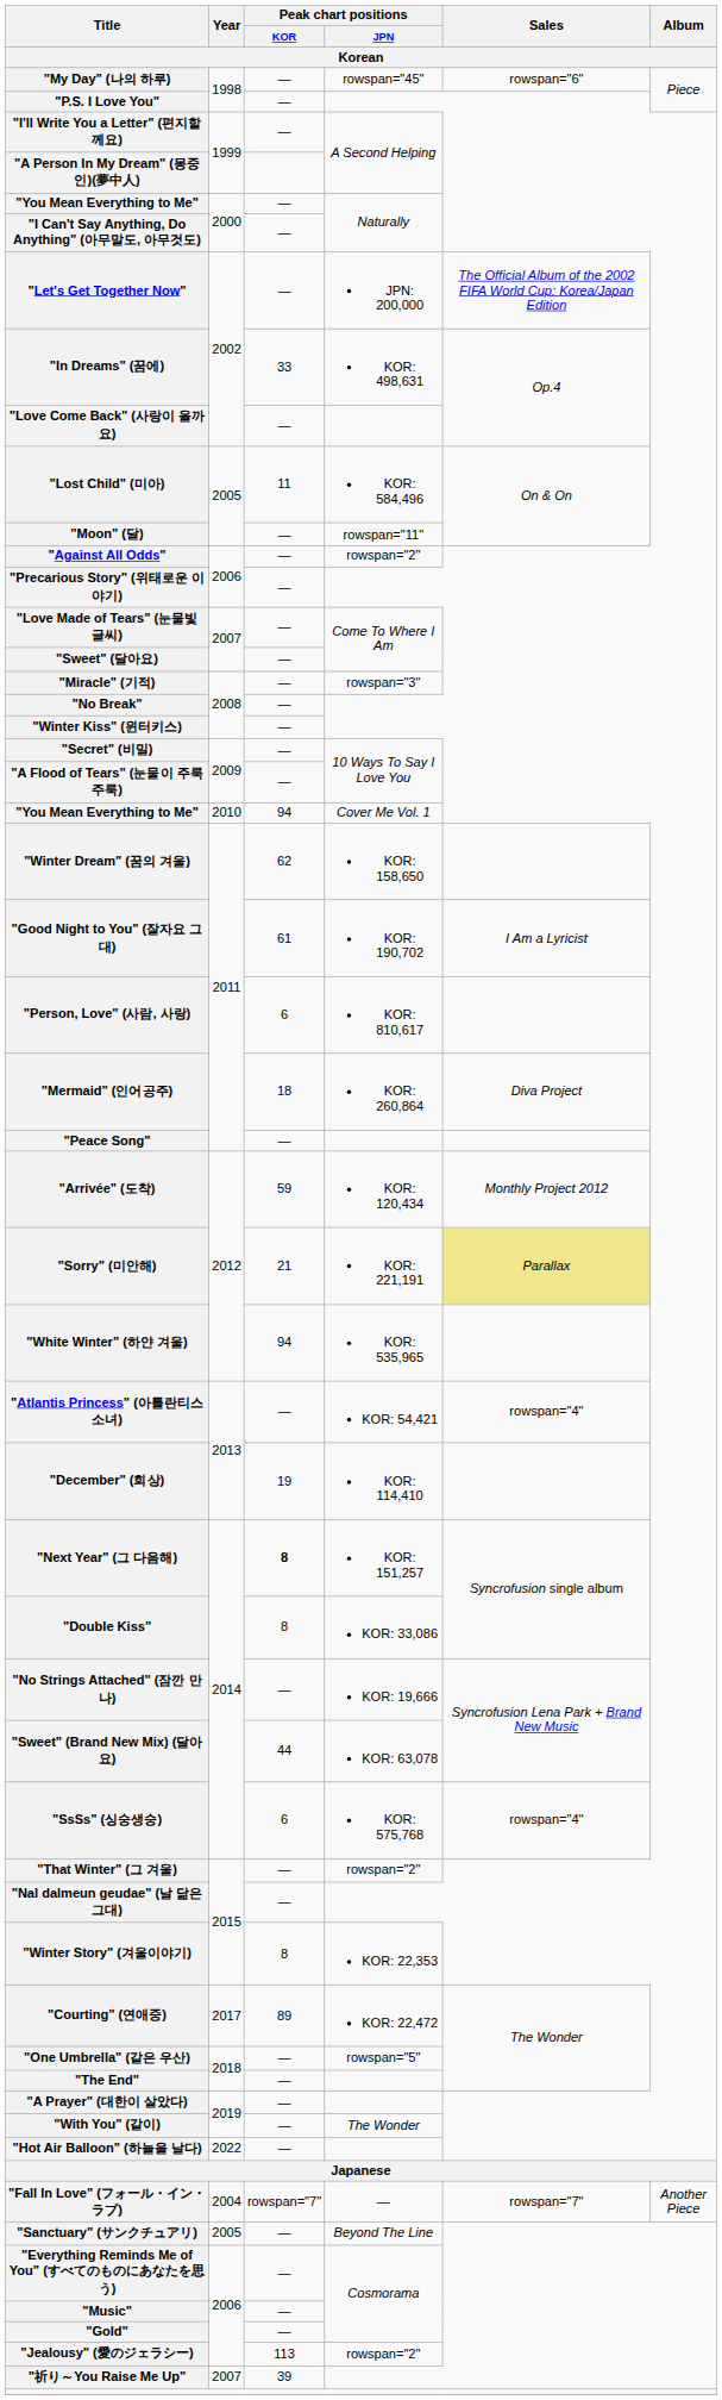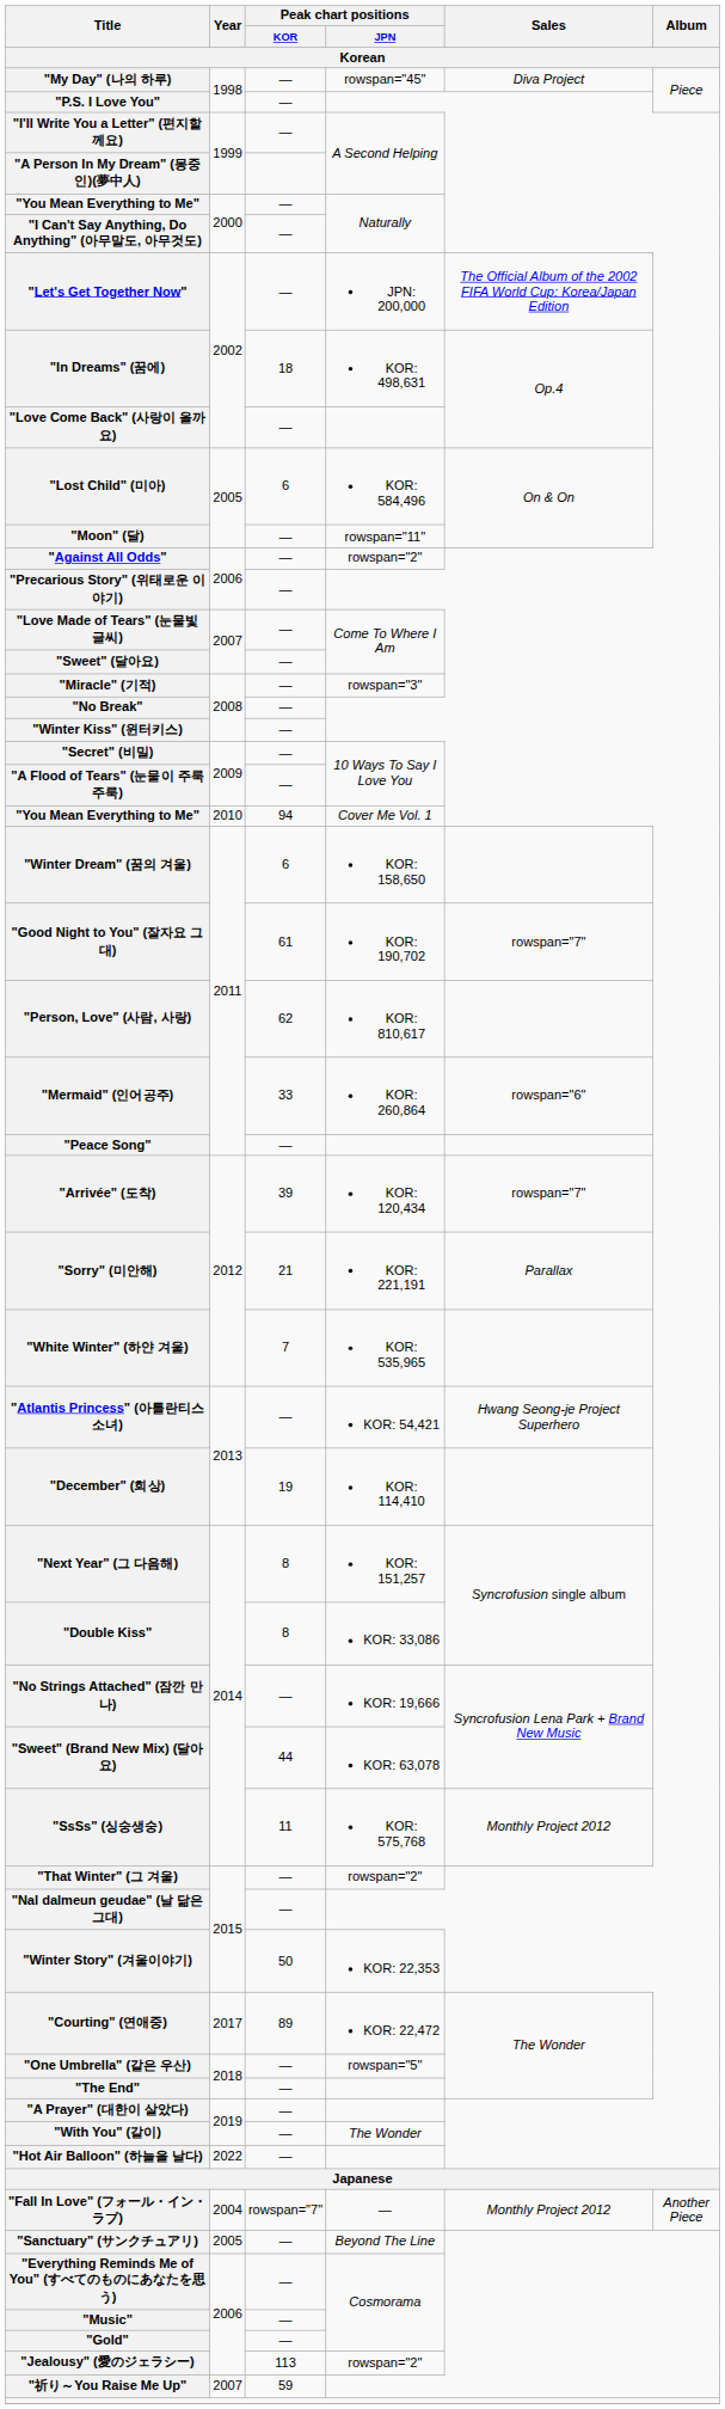 <table class="wikitable plainrowheaders" style="text-align:center;">
 <tr>
 <th scope="col" rowspan="2">Title</th>
 <th scope="col" rowspan="2">Year</th>
 <th colspan="2" scope="col" style="width:5em;">Peak chart positions</th>
 <th scope="col" rowspan="2">Sales </th>
 <th scope="col" rowspan="2">Album</th>
 </tr>
 <tr>
 <th><small><a href='#'>KOR</a></small><br></th>
 <th><small><a href='#'>JPN</a></small><br></th>
 </tr>
 <tr>
 <th colspan="6">Korean</th>
 </tr>
 <tr>
 <th scope="row">"My Day" (나의 하루)</th>
 <td rowspan="2">1998</td>
 <td>—</td>
 <td>rowspan="45" </td>
-<td>rowspan="6" </td>
+<td><em>Diva Project</em></td>
 <td rowspan="2"><em>Piece</em></td>
 </tr>
 <tr>
 <th scope="row">"P.S. I Love You"</th>
 <td>—</td>
 </tr>
 <tr>
 <th scope="row">"I'll Write You a Letter" (편지할께요)</th>
 <td rowspan="2">1999</td>
 <td>—</td>
 <td rowspan="2"><em>A Second Helping</em></td>
 </tr>
 <tr>
 <th scope="row">"A Person In My Dream" (몽중인)(夢中人)</th>
 <td></td>
 </tr>
 <tr>
 <th scope="row">"You Mean Everything to Me"</th>
 <td rowspan="2">2000</td>
 <td>—</td>
 <td rowspan="2"><em>Naturally</em></td>
 </tr>
 <tr>
 <th scope="row">"I Can't Say Anything, Do Anything" (아무말도, 아무것도)</th>
 <td>—</td>
 </tr>
 <tr>
 <th scope="row">"<a href='#'>Let's Get Together Now</a>"<br></th>
 <td rowspan="3">2002</td>
 <td>—</td>
 <td><br><ul><li>JPN: 200,000 </li></ul></td>
 <td><em><a href='#'>The Official Album of the 2002 FIFA World Cup: Korea/Japan Edition</a></em></td>
 </tr>
 <tr>
 <th scope="row">"In Dreams" (꿈에)</th>
-<td>33</td>
+<td>18</td>
 <td><br><ul><li>KOR: 498,631</li></ul></td>
 <td rowspan="2"><em>Op.4</em></td>
 </tr>
 <tr>
 <th scope="row">"Love Come Back" (사랑이 올까요)</th>
 <td>—</td>
 <td></td>
 </tr>
 <tr>
 <th scope="row">"Lost Child" (미아)</th>
 <td rowspan="2">2005</td>
-<td>11</td>
+<td>6</td>
 <td><br><ul><li>KOR: 584,496</li></ul></td>
 <td rowspan="2"><em>On & On</em></td>
 </tr>
 <tr>
 <th scope="row">"Moon" (달)</th>
 <td>—</td>
 <td>rowspan="11" </td>
 </tr>
 <tr>
 <th scope="row">"<a href='#'>Against All Odds</a>"</th>
 <td rowspan="2">2006</td>
 <td>—</td>
 <td>rowspan="2" </td>
 </tr>
 <tr>
 <th scope="row">"Precarious Story" (위태로운 이야기)</th>
 <td>—</td>
 </tr>
 <tr>
 <th scope="row">"Love Made of Tears" (눈물빛 글씨)</th>
 <td rowspan="2">2007</td>
 <td>—</td>
 <td rowspan="2"><em>Come To Where I Am</em></td>
 </tr>
 <tr>
 <th scope="row">"Sweet" (달아요)</th>
 <td>—</td>
 </tr>
 <tr>
 <th scope="row">"Miracle" (기적)<br></th>
 <td rowspan="3">2008</td>
 <td>—</td>
 <td>rowspan="3" </td>
 </tr>
 <tr>
 <th scope="row">"No Break"<br></th>
 <td>—</td>
 </tr>
 <tr>
 <th scope="row">"Winter Kiss" (윈터키스)<br></th>
 <td>—</td>
 </tr>
 <tr>
 <th scope="row">"Secret" (비밀)</th>
 <td rowspan="2">2009</td>
 <td>—</td>
 <td rowspan="2"><em>10 Ways To Say I Love You</em></td>
 </tr>
 <tr>
 <th scope="row">"A Flood of Tears" (눈물이 주룩주룩)</th>
 <td>—</td>
 </tr>
 <tr>
 <th scope="row">"You Mean Everything to Me"</th>
 <td>2010</td>
 <td>94</td>
 <td><em>Cover Me Vol. 1</em></td>
 </tr>
 <tr>
 <th scope="row">"Winter Dream" (꿈의 겨울)<br></th>
 <td rowspan="5">2011</td>
-<td>62</td>
+<td>6</td>
 <td><br><ul><li>KOR: 158,650</li></ul></td>
 <td></td>
 </tr>
 <tr>
 <th scope="row">"Good Night to You" (잘자요 그대)</th>
 <td>61</td>
 <td><br><ul><li>KOR: 190,702</li></ul></td>
-<td><em>I Am a Lyricist</em></td>
+<td>rowspan="7" </td>
 </tr>
 <tr>
 <th scope="row">"Person, Love" (사람, 사랑)<br></th>
-<td>6</td>
+<td>62</td>
 <td><br><ul><li>KOR: 810,617</li></ul></td>
 <td></td>
 </tr>
 <tr>
 <th scope="row">"Mermaid" (인어공주)<br></th>
-<td>18</td>
+<td>33</td>
 <td><br><ul><li>KOR: 260,864</li></ul></td>
-<td><em>Diva Project</em></td>
+<td>rowspan="6" </td>
 </tr>
 <tr>
 <th scope="row">"Peace Song"</th>
 <td>—</td>
 <td></td>
 <td></td>
 </tr>
 <tr>
 <th scope="row">"Arrivée" (도착)<br></th>
 <td rowspan="3">2012</td>
-<td>59</td>
+<td>39</td>
 <td><br><ul><li>KOR: 120,434</li></ul></td>
-<td><em>Monthly Project 2012</em></td>
+<td>rowspan="7" </td>
 </tr>
 <tr>
 <th scope="row">"Sorry" (미안해)</th>
 <td>21</td>
 <td><br><ul><li>KOR: 221,191</li></ul></td>
-<td style="background: khaki;"><em>Parallax</em></td>
+<td><em>Parallax</em></td>
 </tr>
 <tr>
 <th scope="row">"White Winter" (하얀 겨울)<br></th>
-<td>94</td>
+<td>7</td>
 <td><br><ul><li>KOR: 535,965</li></ul></td>
 <td></td>
 </tr>
 <tr>
 <th scope="row">"<a href='#'>Atlantis Princess</a>" (아틀란티스 소녀)</th>
 <td rowspan="2">2013</td>
 <td>—</td>
 <td><br><ul><li>KOR: 54,421</li></ul></td>
-<td>rowspan="4" </td>
+<td><em>Hwang Seong-je Project Superhero</em></td>
 </tr>
 <tr>
 <th scope="row">"December" (회상)<br></th>
 <td>19</td>
 <td><br><ul><li>KOR: 114,410</li></ul></td>
 <td></td>
 </tr>
 <tr>
 <th scope="row">"Next Year" (그 다음해)</th>
 <td rowspan="5">2014</td>
-<td><strong>8</strong></td>
+<td>8</td>
 <td><br><ul><li>KOR: 151,257</li></ul></td>
 <td rowspan="2"><em>Syncrofusion</em> single album</td>
 </tr>
 <tr>
 <th scope="row">"Double Kiss"</th>
 <td>8</td>
 <td><br><ul><li>KOR: 33,086</li></ul></td>
 </tr>
 <tr>
 <th scope="row">"No Strings Attached" (잠깐 만나)<br></th>
 <td>—</td>
 <td><br><ul><li>KOR: 19,666</li></ul></td>
 <td rowspan="2"><em>Syncrofusion Lena Park + <a href='#'>Brand New Music</a></em></td>
 </tr>
 <tr>
 <th scope="row">"Sweet" (Brand New Mix) (달아요)<br></th>
 <td>44</td>
 <td><br><ul><li>KOR: 63,078</li></ul></td>
 </tr>
 <tr>
 <th scope="row">"SsSs" (싱숭생숭)<br></th>
-<td>6</td>
+<td>11</td>
 <td><br><ul><li>KOR: 575,768</li></ul></td>
-<td>rowspan="4" </td>
+<td><em>Monthly Project 2012</em></td>
 </tr>
 <tr>
 <th scope="row">"That Winter" (그 겨울)</th>
 <td rowspan="3">2015</td>
 <td>—</td>
 <td>rowspan="2" </td>
 </tr>
 <tr>
 <th scope="row">"Nal dalmeun geudae" (날 닮은 그대)<br></th>
 <td>—</td>
 </tr>
 <tr>
 <th scope="row">"Winter Story" (겨울이야기)<br></th>
-<td>8</td>
+<td>50</td>
 <td><br><ul><li>KOR: 22,353</li></ul></td>
 </tr>
 <tr>
 <th scope="row">"Courting" (연애중)</th>
 <td>2017</td>
 <td>89</td>
 <td><br><ul><li>KOR: 22,472</li></ul></td>
 <td rowspan="3"><em>The Wonder</em></td>
 </tr>
 <tr>
 <th scope="row">"One Umbrella" (같은 우산)</th>
 <td rowspan="2">2018</td>
 <td>—</td>
 <td>rowspan="5" </td>
 </tr>
 <tr>
 <th scope="row">"The End"</th>
 <td>—</td>
 </tr>
 <tr>
 <th scope="row">"A Prayer" (대한이 살았다)<br></th>
 <td rowspan="2">2019</td>
 <td>—</td>
 <td></td>
 </tr>
 <tr>
 <th scope="row">"With You" (같이)</th>
 <td>—</td>
 <td><em>The Wonder</em></td>
 </tr>
 <tr>
 <th scope="row">"Hot Air Balloon" (하늘을 날다)</th>
 <td>2022</td>
 <td>—</td>
 <td></td>
 </tr>
 <tr>
 <th colspan="6">Japanese</th>
 </tr>
 <tr>
 <th scope="row">"Fall In Love" (フォール・イン・ラブ)</th>
 <td>2004</td>
 <td>rowspan="7" </td>
 <td>—</td>
-<td>rowspan="7" </td>
+<td><em>Monthly Project 2012</em></td>
 <td><em>Another Piece</em></td>
 </tr>
 <tr>
 <th scope="row">"Sanctuary" (サンクチュアリ)</th>
 <td>2005</td>
 <td>—</td>
 <td><em>Beyond The Line</em></td>
 </tr>
 <tr>
 <th scope="row">"Everything Reminds Me of You" (すべてのものにあなたを思う)</th>
 <td rowspan="4">2006</td>
 <td>—</td>
 <td rowspan="3"><em>Cosmorama</em></td>
 </tr>
 <tr>
 <th scope="row">"Music"</th>
 <td>—</td>
 </tr>
 <tr>
 <th scope="row">"Gold"</th>
 <td>—</td>
 </tr>
 <tr>
 <th scope="row">"Jealousy" (愛のジェラシー)</th>
 <td>113</td>
 <td>rowspan="2" </td>
 </tr>
 <tr>
 <th scope="row">"祈り～You Raise Me Up"</th>
 <td>2007</td>
-<td>39</td>
+<td>59</td>
 </tr>
 <tr>
 <td colspan="6"></td>
 </tr>
 <tr>
 </tr>
 </table>
